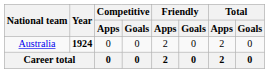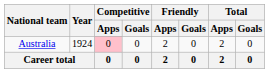 <table class="wikitable" style="text-align:center">
 <tr>
 <th rowspan="2">National team</th>
 <th rowspan="2">Year</th>
 <th colspan="2">Competitive</th>
 <th colspan="2">Friendly</th>
 <th colspan="2">Total</th>
 </tr>
 <tr>
 <th>Apps</th>
 <th>Goals</th>
 <th>Apps</th>
 <th>Goals</th>
 <th>Apps</th>
 <th>Goals</th>
 </tr>
 <tr>
 <td><a href='#'>Australia</a></td>
-<td><strong>1924</strong></td>
-<td>0</td>
+<td>1924</td>
+<td style="background: pink;">0</td>
 <td>0</td>
 <td>2</td>
 <td>0</td>
 <td>2</td>
 <td>0</td>
 </tr>
 <tr>
 <th colspan=2>Career total</th>
 <th>0</th>
 <th>0</th>
 <th>2</th>
 <th>0</th>
 <th>2</th>
 <th>0</th>
 </tr>
 </table>
